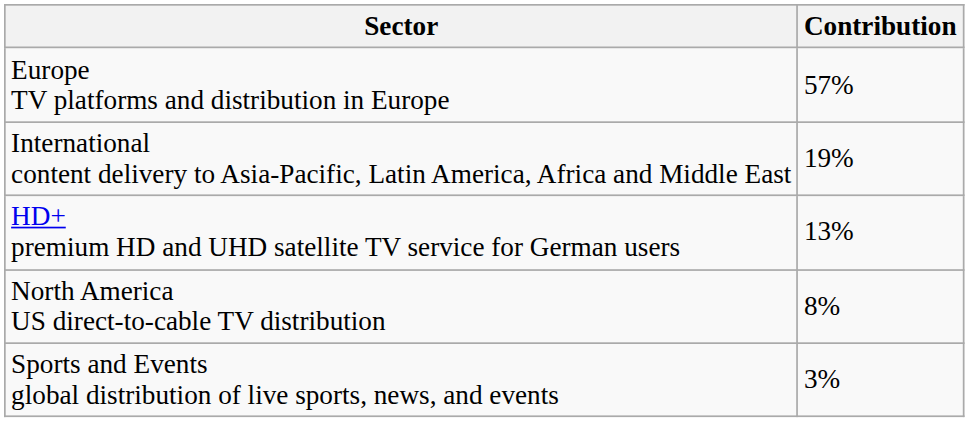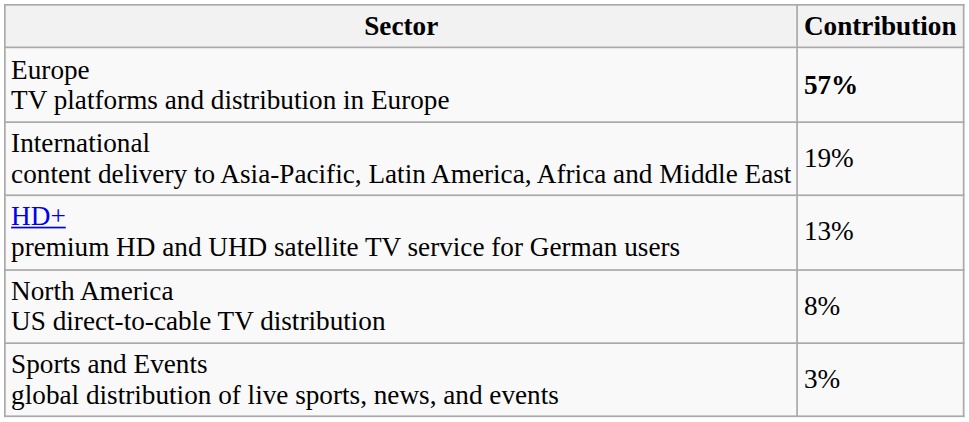 <table class="wikitable">
 <tr>
 <th>Sector</th>
 <th>Contribution</th>
 </tr>
 <tr>
 <td>Europe<br>TV platforms and distribution in Europe</td>
-<td>57%</td>
+<td><strong>57%</strong></td>
 </tr>
 <tr>
 <td>International<br>content delivery to Asia-Pacific, Latin America, Africa and Middle East</td>
 <td>19%</td>
 </tr>
 <tr>
 <td><a href='#'>HD+</a><br>premium HD and UHD satellite TV service for German users</td>
 <td>13%</td>
 </tr>
 <tr>
 <td>North America<br>US direct-to-cable TV distribution</td>
 <td>8%</td>
 </tr>
 <tr>
 <td>Sports and Events<br>global distribution of live sports, news, and events</td>
 <td>3%</td>
 </tr>
 </table>
